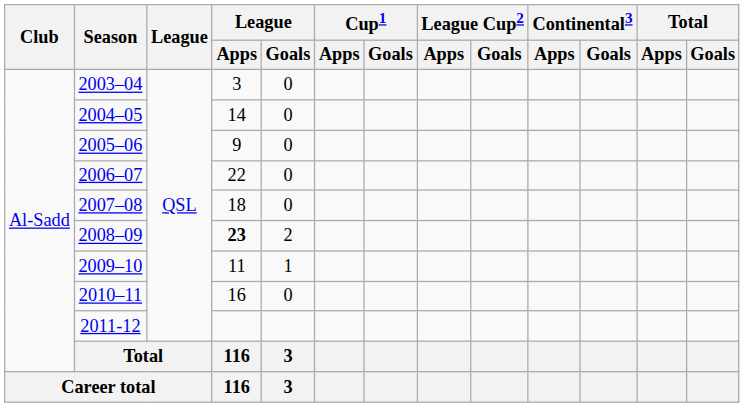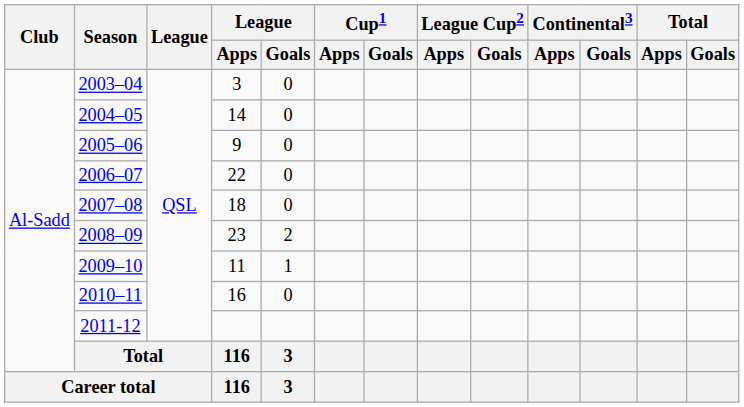 <table class="wikitable" style="font-size:90%; text-align:center;">
 <tr>
 <th rowspan="2">Club</th>
 <th rowspan="2">Season</th>
 <th rowspan="2">League</th>
 <th colspan="2">League</th>
 <th colspan="2">Cup<sup><a href='#'>1</a></sup></th>
 <th colspan="2">League Cup<sup><a href='#'>2</a></sup></th>
 <th colspan="2">Continental<sup><a href='#'>3</a></sup></th>
 <th colspan="2">Total</th>
 </tr>
 <tr>
 <th>Apps</th>
 <th>Goals</th>
 <th>Apps</th>
 <th>Goals</th>
 <th>Apps</th>
 <th>Goals</th>
 <th>Apps</th>
 <th>Goals</th>
 <th>Apps</th>
 <th>Goals</th>
 </tr>
 <tr>
 <td rowspan="10"><a href='#'>Al-Sadd</a></td>
 <td><a href='#'>2003–04</a></td>
 <td rowspan="9" valign="center"><a href='#'>QSL</a></td>
 <td>3</td>
 <td>0</td>
 <td></td>
 <td></td>
 <td></td>
 <td></td>
 <td></td>
 <td></td>
 <td></td>
 <td></td>
 </tr>
 <tr>
 <td><a href='#'>2004–05</a></td>
 <td>14</td>
 <td>0</td>
 <td></td>
 <td></td>
 <td></td>
 <td></td>
 <td></td>
 <td></td>
 <td></td>
 <td></td>
 </tr>
 <tr>
 <td><a href='#'>2005–06</a></td>
 <td>9</td>
 <td>0</td>
 <td></td>
 <td></td>
 <td></td>
 <td></td>
 <td></td>
 <td></td>
 <td></td>
 <td></td>
 </tr>
 <tr>
 <td><a href='#'>2006–07</a></td>
 <td>22</td>
 <td>0</td>
 <td></td>
 <td></td>
 <td></td>
 <td></td>
 <td></td>
 <td></td>
 <td></td>
 <td></td>
 </tr>
 <tr>
 <td><a href='#'>2007–08</a></td>
 <td>18</td>
 <td>0</td>
 <td></td>
 <td></td>
 <td></td>
 <td></td>
 <td></td>
 <td></td>
 <td></td>
 <td></td>
 </tr>
 <tr>
 <td><a href='#'>2008–09</a></td>
-<td><strong>23</strong></td>
+<td>23</td>
 <td>2</td>
 <td></td>
 <td></td>
 <td></td>
 <td></td>
 <td></td>
 <td></td>
 <td></td>
 <td></td>
 </tr>
 <tr>
 <td><a href='#'>2009–10</a></td>
 <td>11</td>
 <td>1</td>
 <td></td>
 <td></td>
 <td></td>
 <td></td>
 <td></td>
 <td></td>
 <td></td>
 <td></td>
 </tr>
 <tr>
 <td><a href='#'>2010–11</a></td>
 <td>16</td>
 <td>0</td>
 <td></td>
 <td></td>
 <td></td>
 <td></td>
 <td></td>
 <td></td>
 <td></td>
 <td></td>
 </tr>
 <tr>
 <td><a href='#'>2011-12</a></td>
 <td></td>
 <td></td>
 <td></td>
 <td></td>
 <td></td>
 <td></td>
 <td></td>
 <td></td>
 <td></td>
 <td></td>
 </tr>
 <tr>
 <th colspan="2">Total</th>
 <th>116</th>
 <th>3</th>
 <th></th>
 <th></th>
 <th></th>
 <th></th>
 <th></th>
 <th></th>
 <th></th>
 <th></th>
 </tr>
 <tr>
 <th colspan="3">Career total</th>
 <th>116</th>
 <th>3</th>
 <th></th>
 <th></th>
 <th></th>
 <th></th>
 <th></th>
 <th></th>
 <th></th>
 <th></th>
 </tr>
 </table>
